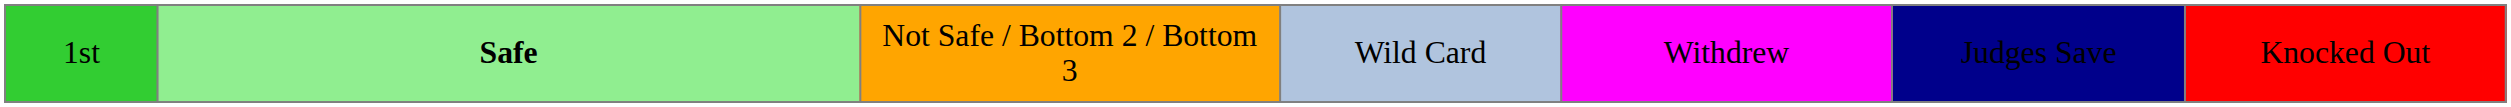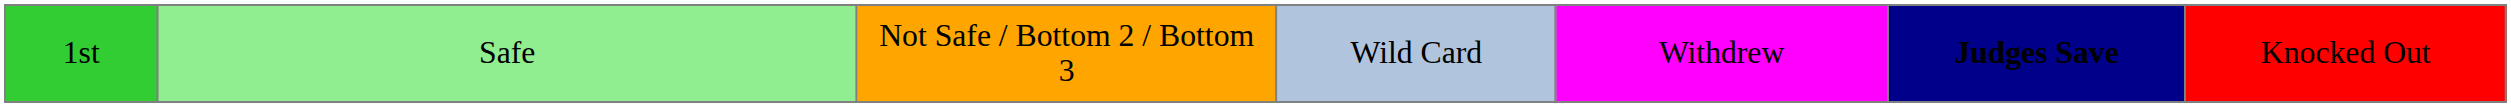 <table border="2" cellpadding="6" style="background:silver; border:1px solid gray; border-collapse:collapse; margin:1em auto; text-align:center;">
 <tr>
 </tr>
 <tr>
 <td style="background:limegreen;" width="2%">1st</td>
-<td style="background:lightgreen;" width="10%"><strong>Safe</strong></td>
+<td style="background:lightgreen;" width="10%">Safe</td>
 <td style="background:orange;" width="6%">Not Safe / Bottom 2 / Bottom 3</td>
 <td style="background:lightsteelblue;" width="4%">Wild Card</td>
 <td style="background:magenta;" width="4%">Withdrew</td>
-<td style="background:darkblue;" width="4%"><span>Judges Save</span></td>
+<td style="background:darkblue;" width="4%"><strong><span>Judges Save</span></strong></td>
 <td style="background:red;" width="4%"><span>Knocked Out</span></td>
 </tr>
 </table>
